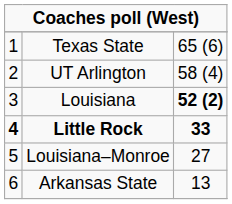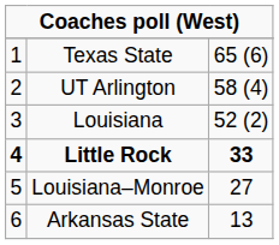 <table class="wikitable">
 <tr align="center">
 <td align="center" Colspan="3"><strong>Coaches poll (West)</strong></td>
 </tr>
 <tr align="center">
 </tr>
 <tr align="center">
 <td>1</td>
 <td>Texas State</td>
 <td>65 (6)</td>
 </tr>
 <tr align="center">
 <td>2</td>
 <td>UT Arlington</td>
 <td>58 (4)</td>
 </tr>
 <tr align="center">
 <td>3</td>
 <td>Louisiana</td>
-<td><strong>52 (2)</strong></td>
+<td>52 (2)</td>
 </tr>
 <tr align="center">
 <td><strong>4</strong></td>
 <td><strong>Little Rock</strong></td>
 <td><strong>33</strong></td>
 </tr>
 <tr align="center">
 <td>5</td>
 <td>Louisiana–Monroe</td>
 <td>27</td>
 </tr>
 <tr align="center">
 <td>6</td>
 <td>Arkansas State</td>
 <td>13</td>
 </tr>
 <tr align="center">
 </tr>
 </table>
